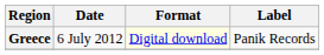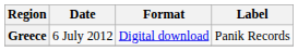 <table class="wikitable sortable plainrowheaders" style="text-align:center">
 <tr>
 <th>Region</th>
 <th>Date</th>
 <th>Format</th>
 <th>Label</th>
 </tr>
 <tr>
 <th scope="row">Greece</th>
 <td>6 July 2012</td>
-<td style="background: lightyellow;"><a href='#'>Digital download</a></td>
+<td><a href='#'>Digital download</a></td>
 <td>Panik Records</td>
 </tr>
 <tr>
 </tr>
 </table>
